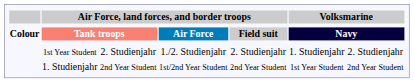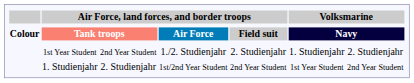 <table style="border:1px solid #8888aa; background-color:#f7f8ff; padding:5px; font-size:95%; margin: 0px 12px 12px 0px;">
 <tr>
 </tr>
 <tr bgcolor="#CCCCCC">
 <td></td>
 <th colspan=5>Air Force, land forces, and border troops</th>
 <th colspan=2>Volksmarine</th>
 </tr>
 <tr>
 </tr>
 <tr rowspan="2">
 </tr>
 <tr align="center">
 <th>Colour</th>
 <th align="center" style="background:salmon; color:white;"colspan=2>Tank troops</th>
 <th align="center" style="background:#007DB8; color:white;"colspan=2>Air Force</th>
 <th align="center" style="background:#CCCCCC; color:black;"colspan=1>Field suit</th>
 <th colspan=6 style="background:#040040; color:white">Navy</th>
 </tr>
 <tr rowspan="2">
 </tr>
 <tr align="center">
 <td></td>
 <td></td>
 <td></td>
 <td colspan="2"></td>
 <td></td>
 <td></td>
 <td></td>
 </tr>
 <tr align="center">
 <td></td>
 <td><small>1st Year Student</small></td>
-<td>2. Studienjahr</td>
+<td><small>2nd Year Student</small></td>
 <td colspan="2">1./2. Studienjahr</td>
 <td>2. Studienjahr</td>
 <td>1. Studienjahr</td>
 <td>2. Studienjahr</td>
 </tr>
 <tr align="center">
 <td></td>
 <td>1. Studienjahr</td>
-<td><small>2nd Year Student</small></td>
+<td>2. Studienjahr</td>
 <td colspan="2"><small>1st/2nd Year Student</small></td>
 <td><small>2nd Year Student</small></td>
 <td><small>1st Year Student</small></td>
 <td><small>2nd Year Student</small></td>
 </tr>
 </table>
